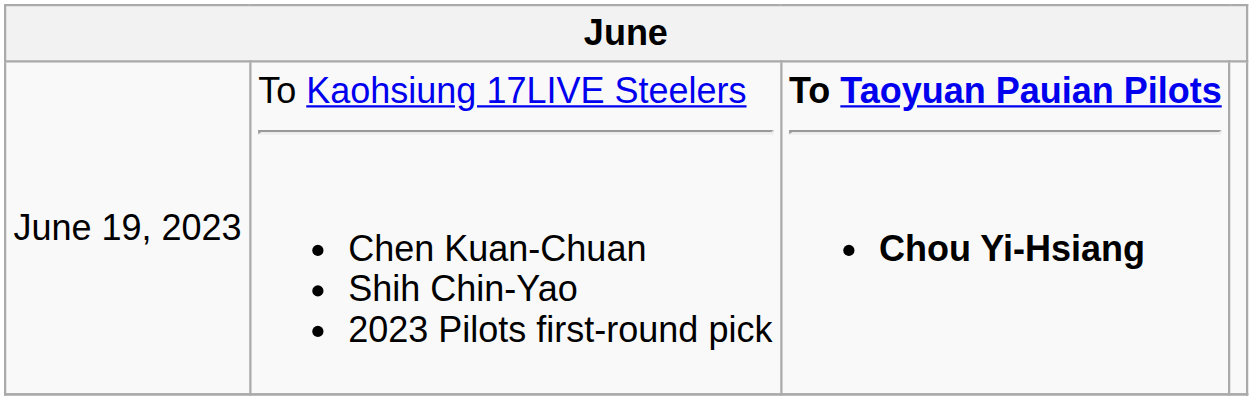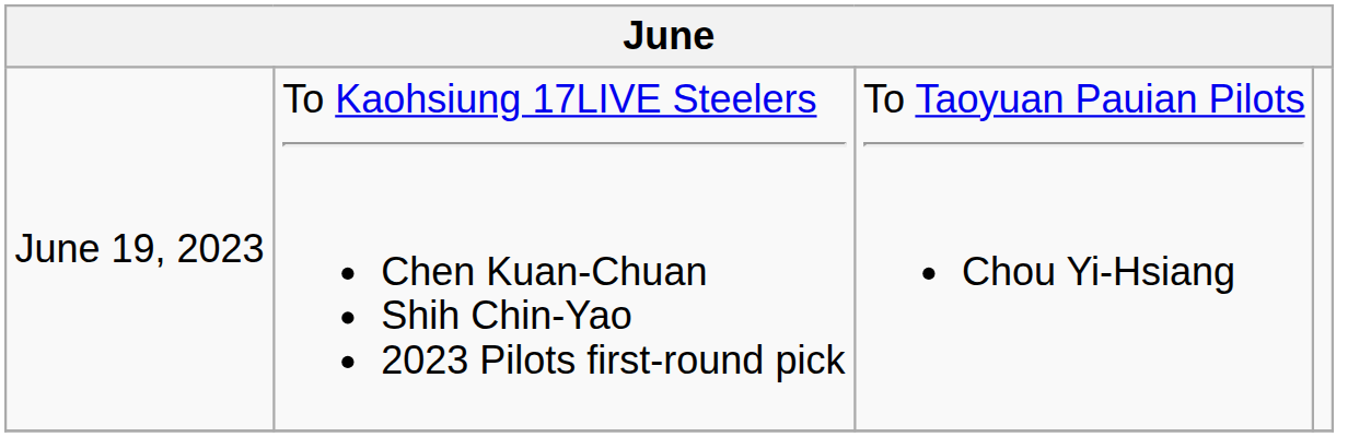 <table class="wikitable" style="text-align:center">
 <tr>
 <th colspan="4">June</th>
 </tr>
 <tr>
 <td>June 19, 2023</td>
 <td align="left" valign="top">To <a href='#'>Kaohsiung 17LIVE Steelers</a><hr><br><ul><li>Chen Kuan-Chuan</li><li>Shih Chin-Yao</li><li>2023 Pilots first-round pick</li></ul></td>
-<td align="left" valign="top"><strong>To <a href='#'>Taoyuan Pauian Pilots</a><hr><br><ul><li>Chou Yi-Hsiang</li></ul></strong></td>
+<td align="left" valign="top">To <a href='#'>Taoyuan Pauian Pilots</a><hr><br><ul><li>Chou Yi-Hsiang</li></ul></td>
 <td align="center"></td>
 </tr>
 <tr>
 </tr>
 </table>
